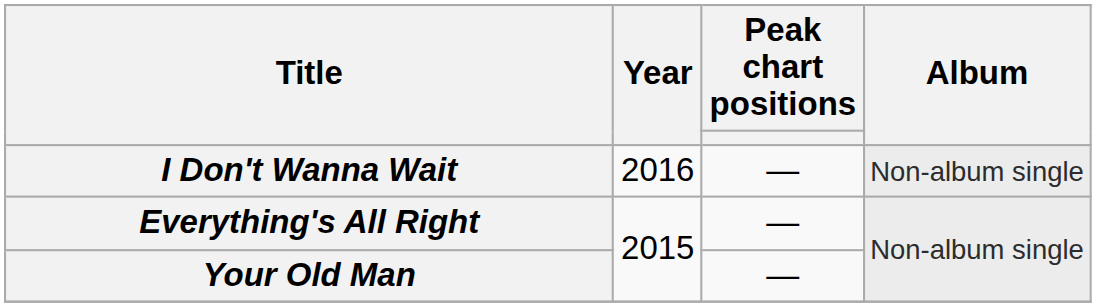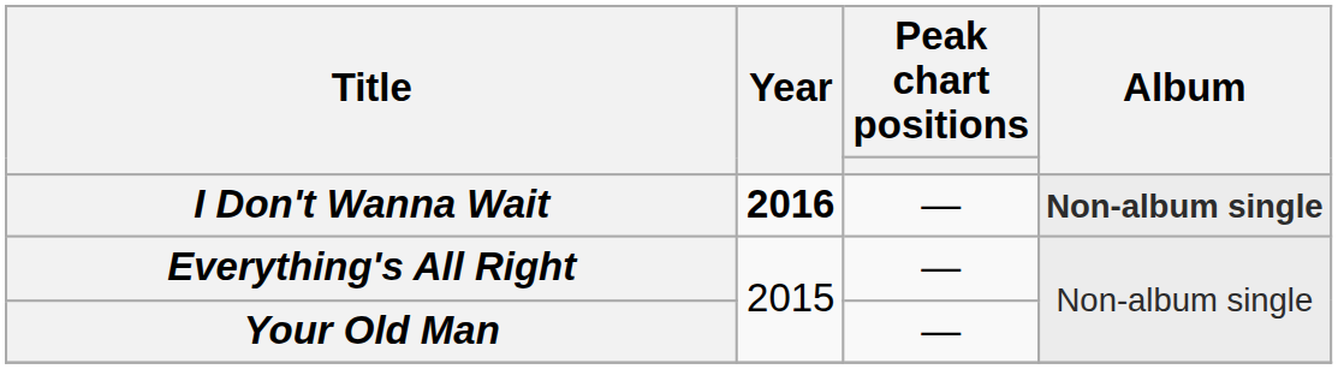 <table class="wikitable plainrowheaders" style="text-align:center;">
 <tr>
 <th scope="col" rowspan="2" style="width:18em;">Title</th>
 <th scope="col" rowspan="2" style="width:1em;">Year</th>
 <th scope="col" colspan="1">Peak chart positions</th>
 <th scope="col" rowspan="2">Album</th>
 </tr>
 <tr>
 <th scope="col" style="width:3em;font-size:85%;"></th>
 </tr>
 <tr>
 <th scope="row"><em>I Don't Wanna Wait</em></th>
-<td rowspan="1">2016</td>
+<td rowspan="1"><strong>2016</strong></td>
 <td>—</td>
-<td rowspan="1" style="background: #ececec; color: #2C2C2C; vertical-align: middle; font-size: smaller; text-align: center; " class="table-na">Non-album single</td>
+<td rowspan="1" style="background: #ececec; color: #2C2C2C; vertical-align: middle; font-size: smaller; text-align: center; " class="table-na"><strong>Non-album single</strong></td>
 </tr>
 <tr>
 <th scope="row"><em>Everything's All Right</em></th>
 <td rowspan="2">2015</td>
 <td>—</td>
 <td rowspan="2" style="background: #ececec; color: #2C2C2C; vertical-align: middle; font-size: smaller; text-align: center; " class="table-na">Non-album single</td>
 </tr>
 <tr>
 <th scope="row"><em>Your Old Man</em></th>
 <td>—</td>
 </tr>
 <tr>
 </tr>
 </table>
